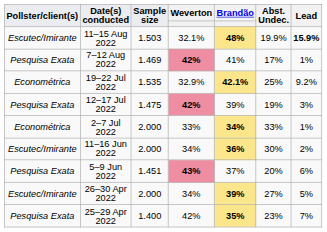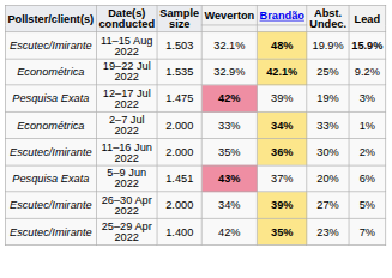 <table class="wikitable sortable" style="text-align:center;font-size:90%;line-height:14px;">
 <tr>
 <td rowspan="2" class="unsortable" style="width:50px;background:#eaecf0;"><strong>Pollster/client(s)</strong></td>
 <td rowspan="2" class="unsortable" style="width:50px;background:#eaecf0;"><strong>Date(s) <br>conducted</strong></td>
 <td rowspan="2" class="unsortable" style="width:50px;background:#eaecf0;"><strong>Sample <br>size</strong></td>
 <th class="unsortable" style="width:50px;">Weverton<br></th>
 <th class="unsortable" style="width:50px;"><a href='#'>Brandão</a><br></th>
 <th rowspan="2">Abst.<br>Undec.</th>
 <th rowspan="2" class="unsortable">Lead</th>
 </tr>
 <tr>
 <th style="background:"></th>
 <th style="background:"></th>
 </tr>
 <tr>
 <td><em>Escutec/Imirante</em></td>
 <td>11–15 Aug 2022</td>
 <td>1.503</td>
 <td>32.1%</td>
 <td style="background:#fce68b;"><strong>48%</strong></td>
 <td>19.9%</td>
 <td style="background:"><strong>15.9%</strong></td>
-</tr>
-<tr>
-<td><em>Pesquisa Exata</em></td>
-<td>7–12 Aug 2022</td>
-<td>1.469</td>
-<td style="background:#ef8ea3;"><strong>42%</strong></td>
-<td>41%</td>
-<td>17%</td>
-<td style="background:">1%</td>
 </tr>
 <tr>
 <td><em>Econométrica</em></td>
 <td>19–22 Jul 2022</td>
 <td>1.535</td>
 <td>32.9%</td>
 <td style="background:#fce68b;"><strong>42.1%</strong></td>
 <td>25%</td>
 <td style="background:">9.2%</td>
 </tr>
 <tr>
 <td><em>Pesquisa Exata</em></td>
 <td>12–17 Jul 2022</td>
 <td>1.475</td>
 <td style="background:#ef8ea3;"><strong>42%</strong></td>
 <td>39%</td>
 <td>19%</td>
 <td style="background:">3%</td>
 </tr>
 <tr>
 <td><em>Econométrica</em></td>
 <td>2–7 Jul 2022</td>
 <td>2.000</td>
 <td>33%</td>
 <td style="background:#fce68b;"><strong>34%</strong></td>
 <td>33%</td>
 <td style="background:">1%</td>
 </tr>
 <tr>
 <td><em>Escutec/Imirante</em></td>
 <td>11–16 Jun 2022</td>
 <td>2.000</td>
-<td>34%</td>
+<td>35%</td>
 <td style="background:#fce68b;"><strong>36%</strong></td>
 <td>30%</td>
 <td style="background:">2%</td>
 </tr>
 <tr>
 <td><em>Pesquisa Exata</em></td>
 <td>5–9 Jun 2022</td>
 <td>1.451</td>
 <td style="background:#ef8ea3;"><strong>43%</strong></td>
 <td>37%</td>
 <td>20%</td>
 <td style="background:">6%</td>
 </tr>
 <tr>
 <td><em>Escutec/Imirante</em></td>
 <td>26–30 Apr 2022</td>
 <td>2.000</td>
 <td>34%</td>
 <td style="background:#fce68b;"><strong>39%</strong></td>
 <td>27%</td>
 <td style="background:">5%</td>
 </tr>
 <tr>
-<td><em>Pesquisa Exata</em></td>
+<td><em>Escutec/Imirante</em></td>
 <td>25–29 Apr 2022</td>
 <td>1.400</td>
 <td>42%</td>
 <td style="background:#fce68b;"><strong>35%</strong></td>
 <td>23%</td>
 <td style="background:">7%</td>
 </tr>
 </table>
